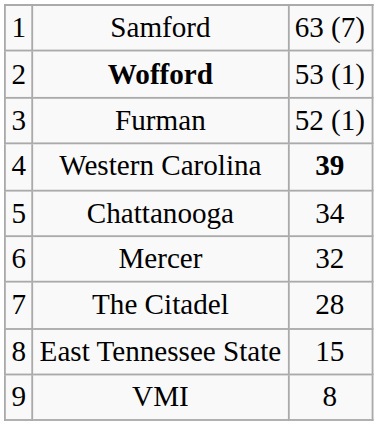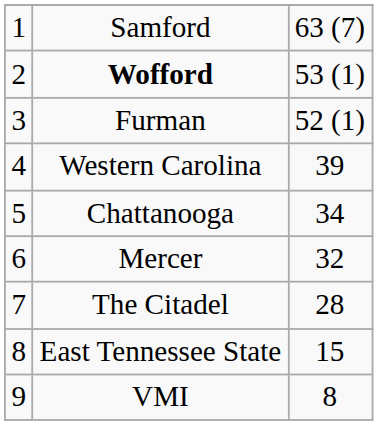 <table class="wikitable" style="display: inline-table;">
 <tr align="center">
 </tr>
 <tr align="center">
 <td>1</td>
 <td>Samford</td>
 <td>63 (7)</td>
 </tr>
 <tr align="center">
 <td>2</td>
 <td><strong>Wofford</strong></td>
 <td>53 (1)</td>
 </tr>
 <tr align="center">
 <td>3</td>
 <td>Furman</td>
 <td>52 (1)</td>
 </tr>
 <tr align="center">
 <td>4</td>
 <td>Western Carolina</td>
-<td><strong>39</strong></td>
+<td>39</td>
 </tr>
 <tr align="center">
 <td>5</td>
 <td>Chattanooga</td>
 <td>34</td>
 </tr>
 <tr align="center">
 <td>6</td>
 <td>Mercer</td>
 <td>32</td>
 </tr>
 <tr align="center">
 <td>7</td>
 <td>The Citadel</td>
 <td>28</td>
 </tr>
 <tr align="center">
 <td>8</td>
 <td>East Tennessee State</td>
 <td>15</td>
 </tr>
 <tr align="center">
 <td>9</td>
 <td>VMI</td>
 <td>8</td>
 </tr>
 </table>
